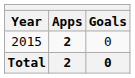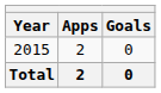 <table class="wikitable" style="text-align:center">
 <tr>
 <th colspan=3></th>
 </tr>
 <tr>
 <th>Year</th>
 <th>Apps</th>
 <th>Goals</th>
 </tr>
 <tr>
 <td>2015</td>
-<td><strong>2</strong></td>
+<td>2</td>
 <td>0</td>
 </tr>
 <tr>
 <th>Total</th>
 <th>2</th>
 <th>0</th>
 </tr>
 </table>
